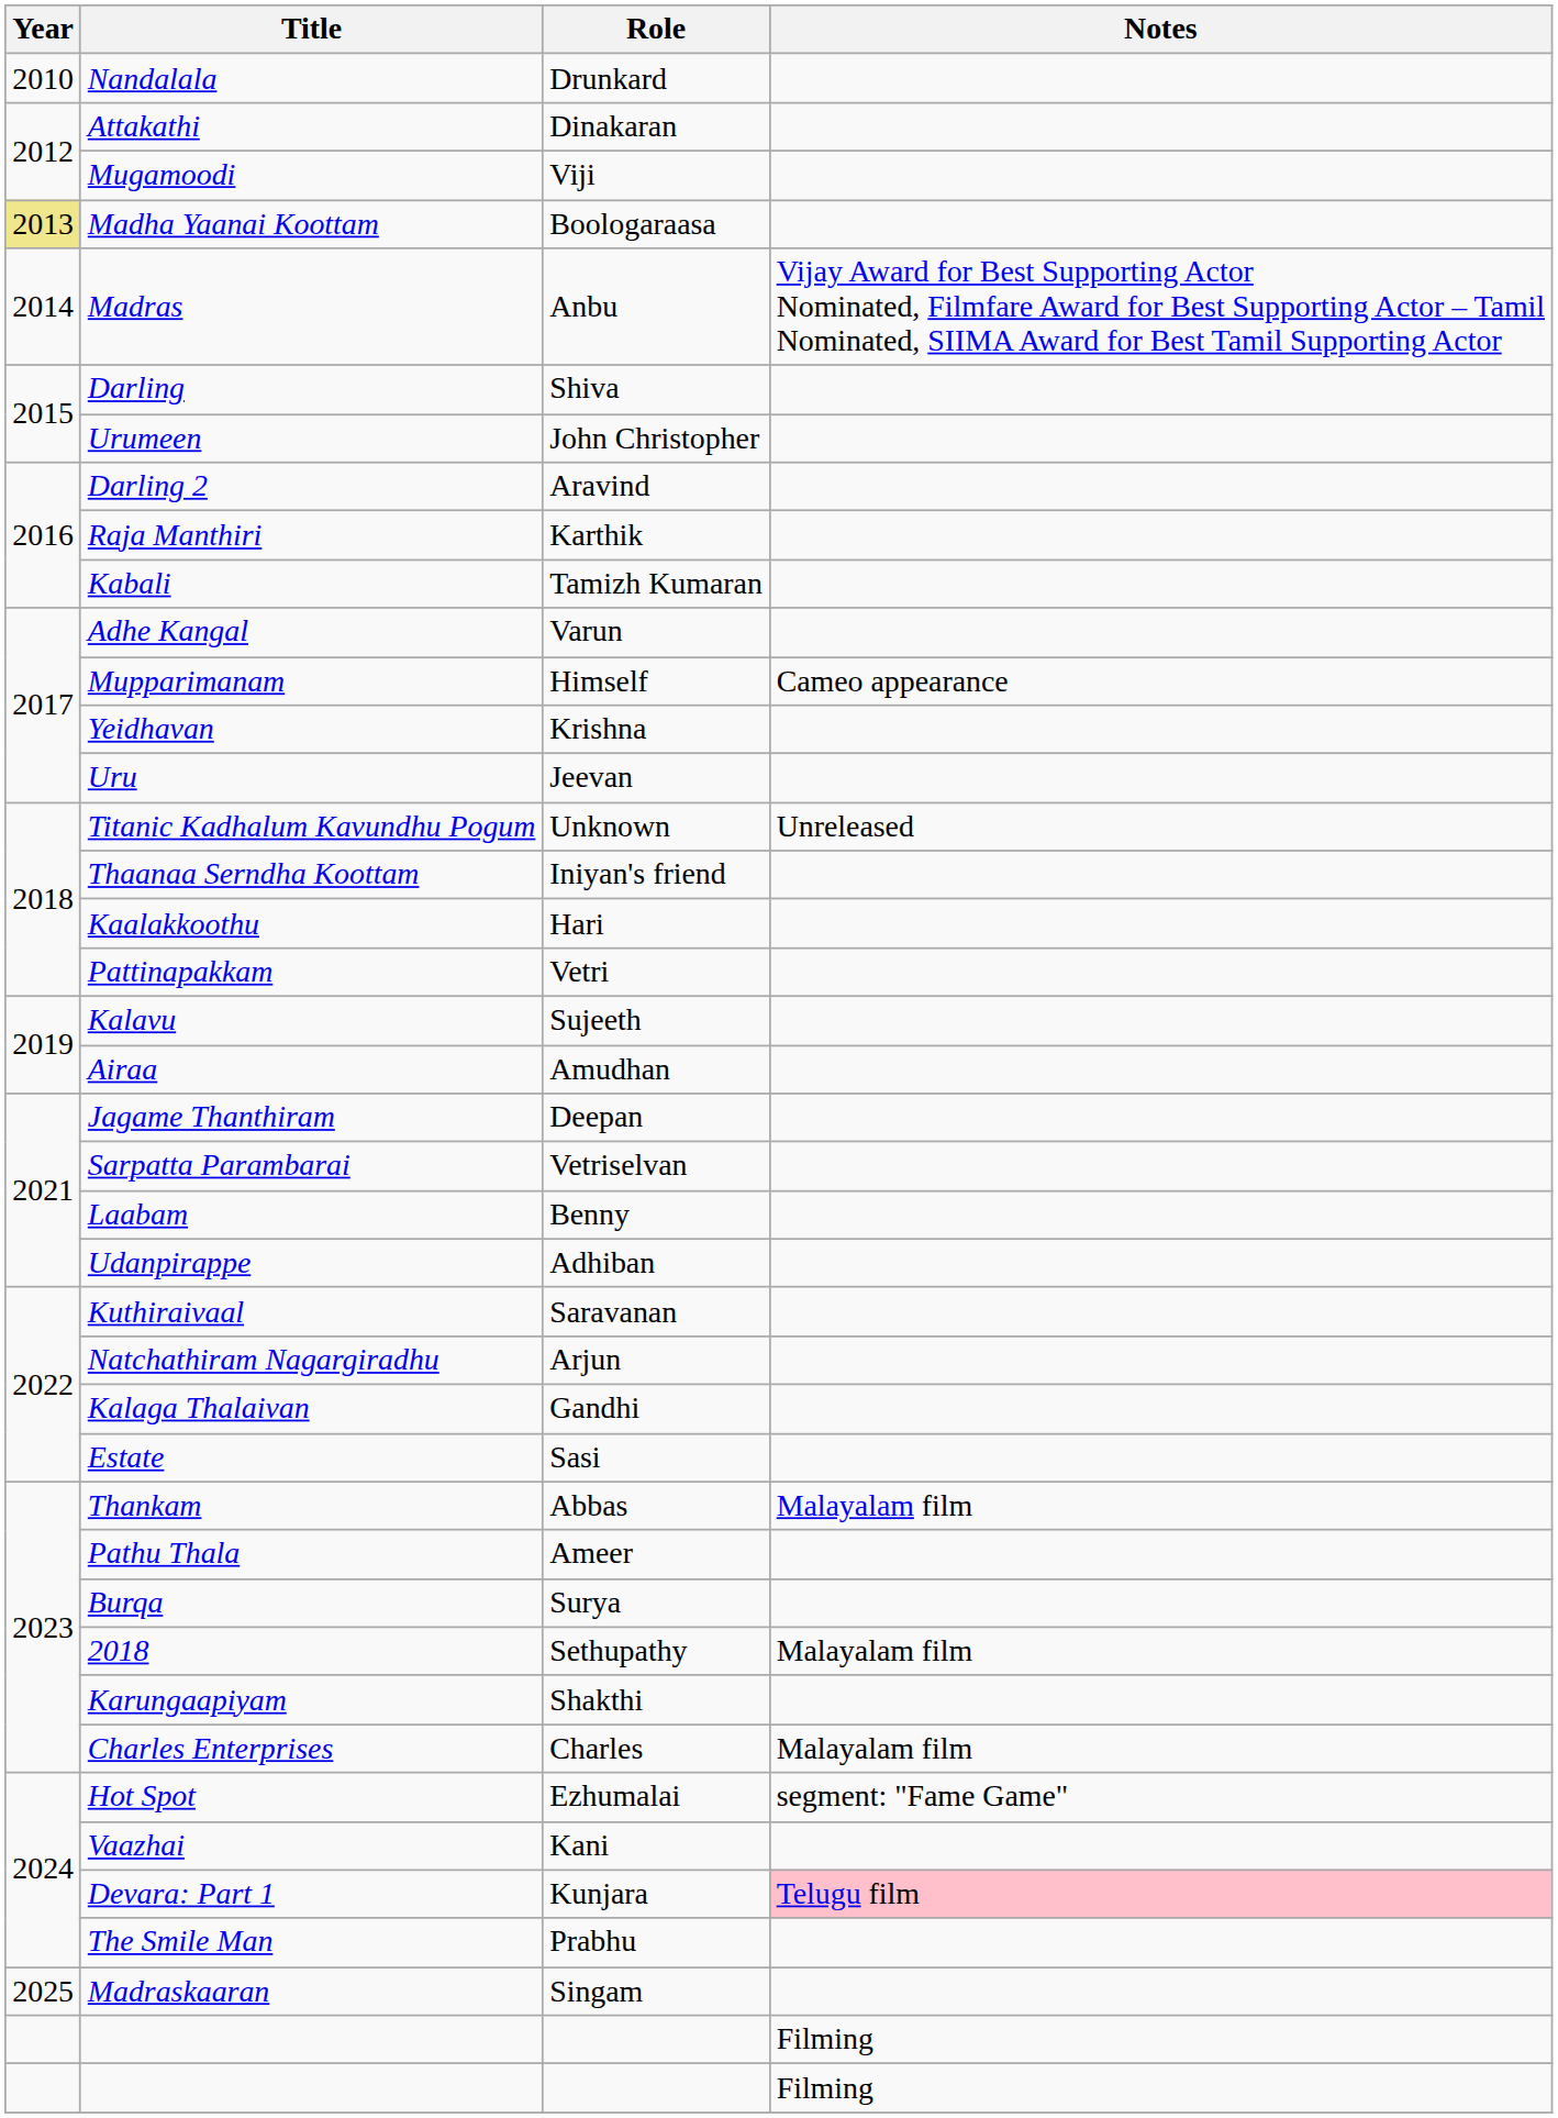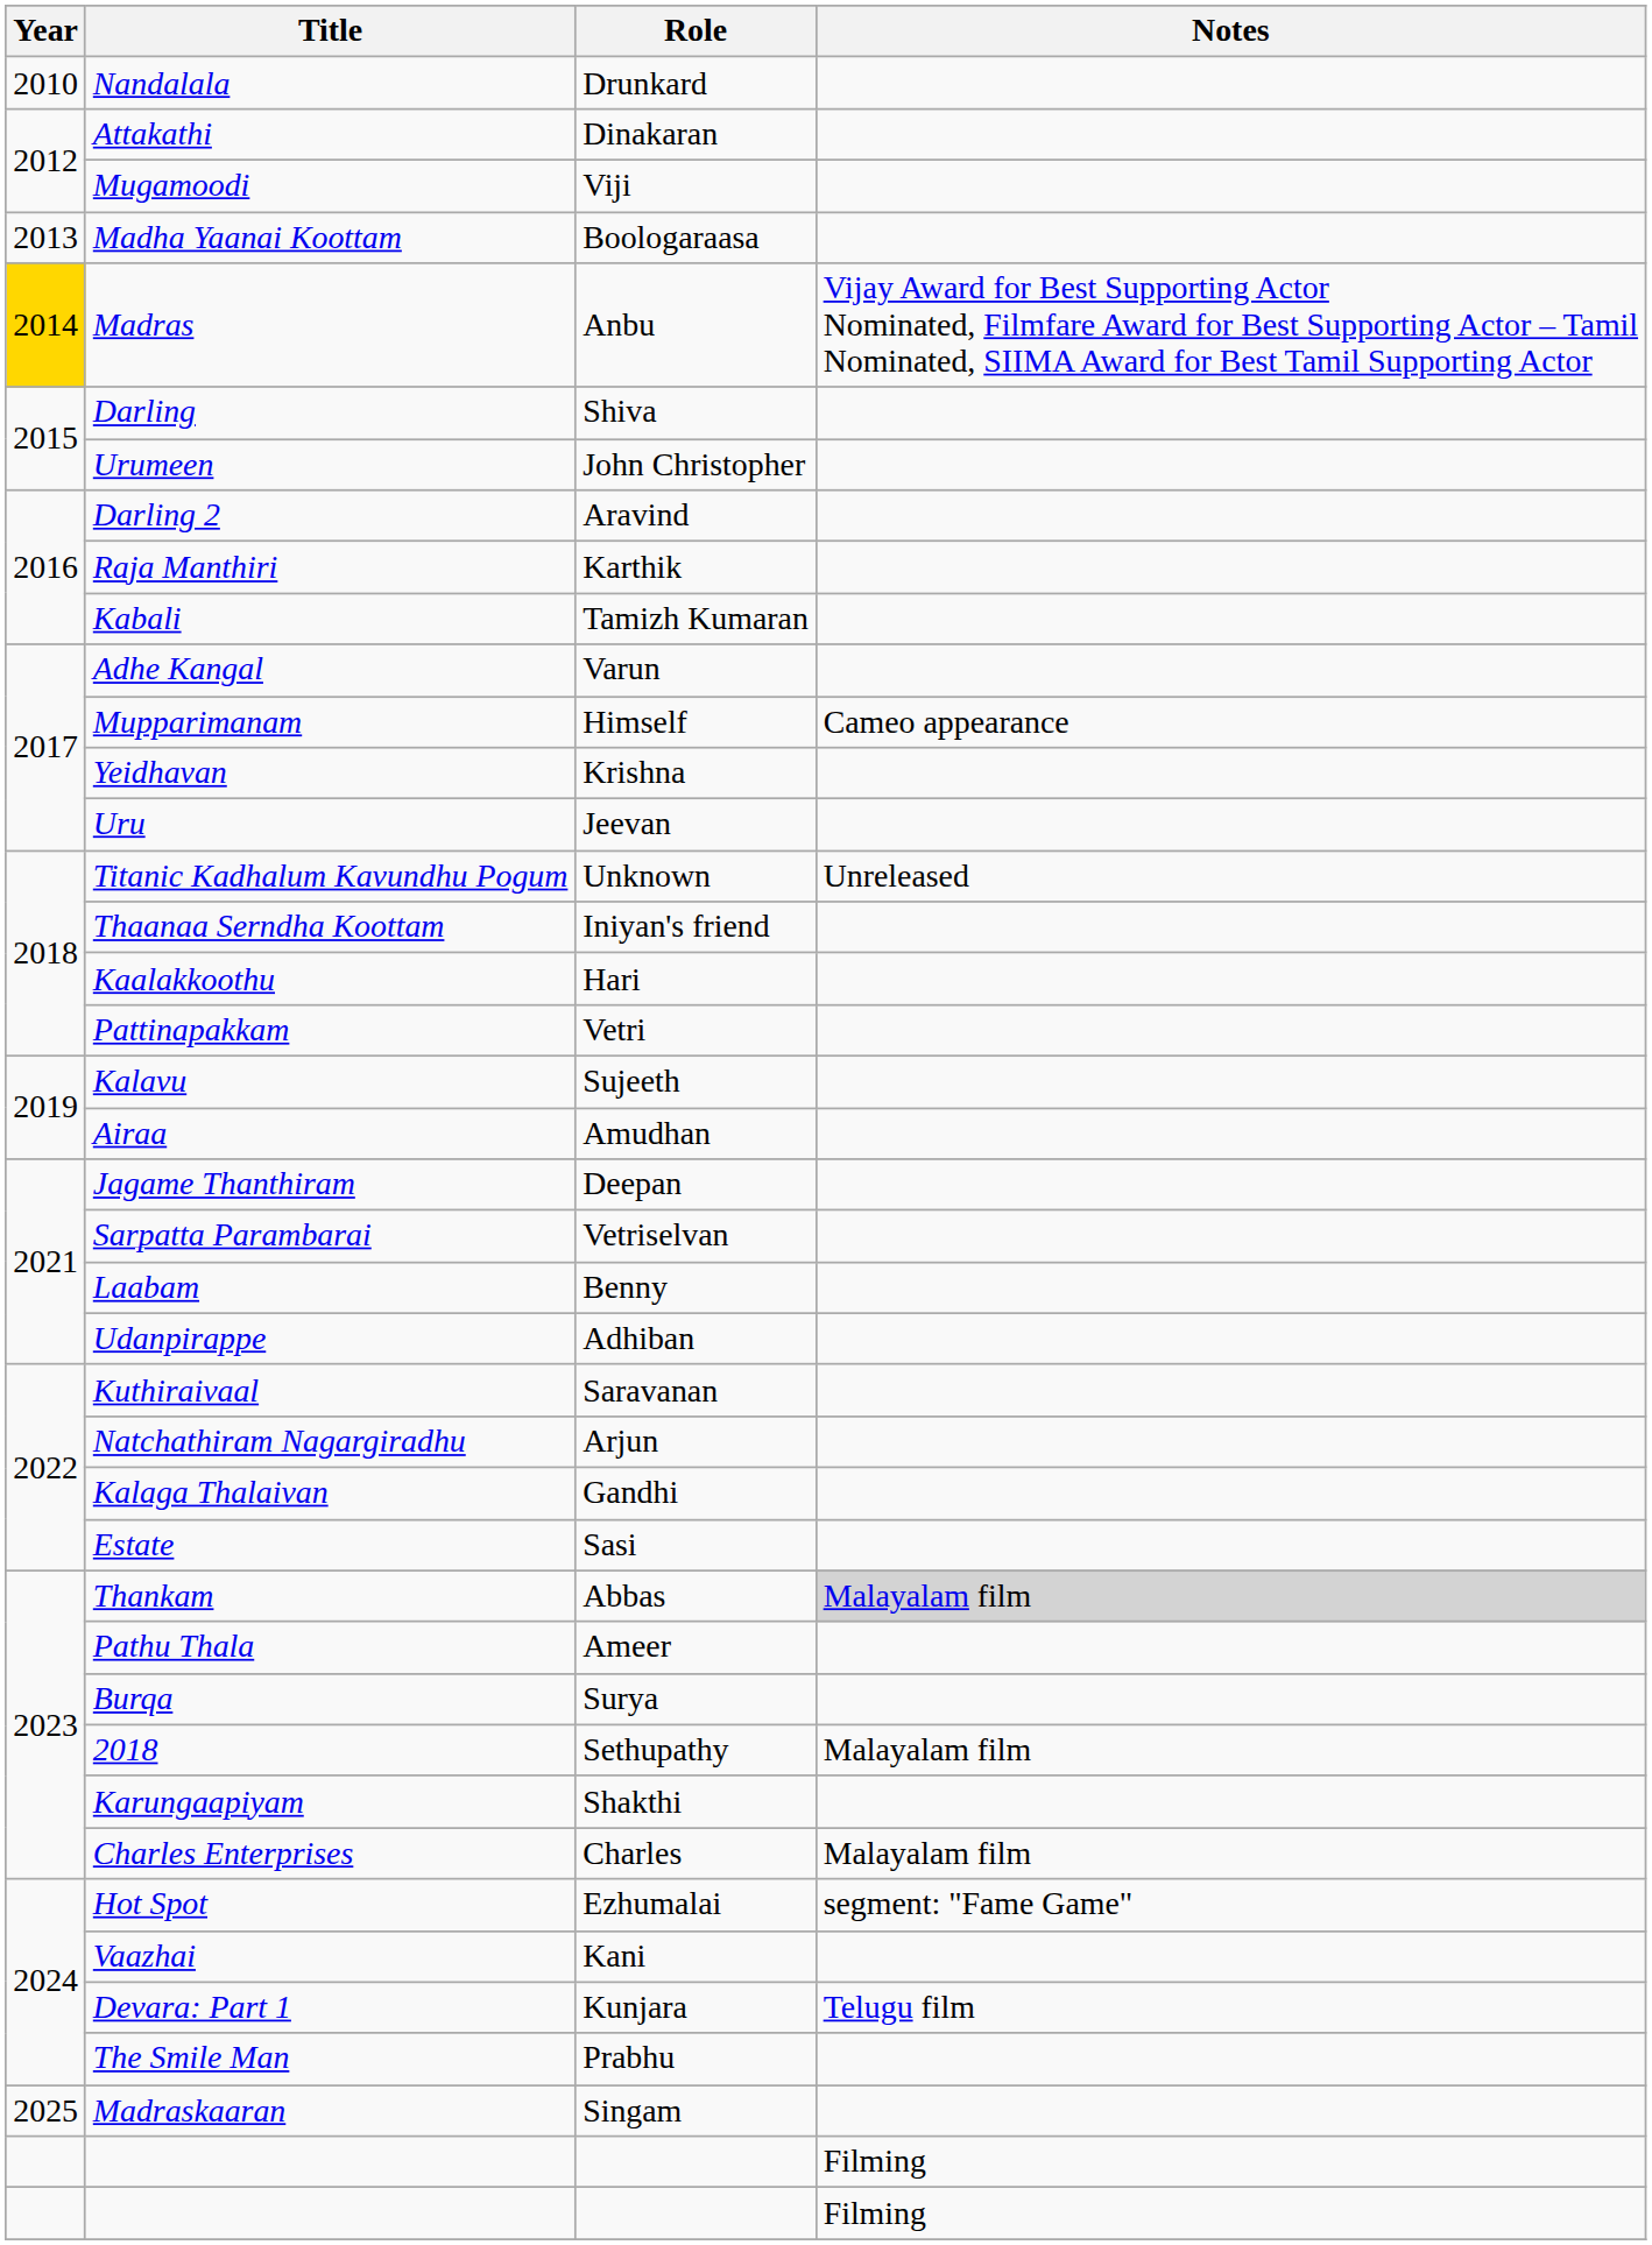 <table class="wikitable sortable">
 <tr>
 <th>Year</th>
 <th>Title</th>
 <th>Role</th>
 <th class="unsortable">Notes</th>
 </tr>
 <tr>
 <td rowspan=1>2010</td>
 <td><em><a href='#'>Nandalala</a></em></td>
 <td>Drunkard</td>
 <td></td>
 </tr>
 <tr>
 <td rowspan=2>2012</td>
 <td><em><a href='#'>Attakathi</a></em></td>
 <td>Dinakaran</td>
 <td></td>
 </tr>
 <tr>
 <td><em><a href='#'>Mugamoodi</a></em></td>
 <td>Viji</td>
 <td></td>
 </tr>
 <tr>
-<td style="background: khaki;">2013</td>
+<td>2013</td>
 <td><em><a href='#'>Madha Yaanai Koottam</a></em></td>
 <td>Boologaraasa</td>
 <td></td>
 </tr>
 <tr>
-<td>2014</td>
+<td style="background: gold;">2014</td>
 <td><em><a href='#'>Madras</a></em></td>
 <td>Anbu</td>
 <td><a href='#'>Vijay Award for Best Supporting Actor</a><br>Nominated, <a href='#'>Filmfare Award for Best Supporting Actor – Tamil</a><br>Nominated, <a href='#'>SIIMA Award for Best Tamil Supporting Actor</a></td>
 </tr>
 <tr>
 <td rowspan=2>2015</td>
 <td><em><a href='#'>Darling</a></em></td>
 <td>Shiva</td>
 <td></td>
 </tr>
 <tr>
 <td><em><a href='#'>Urumeen</a></em></td>
 <td>John Christopher</td>
 <td></td>
 </tr>
 <tr>
 <td rowspan=3>2016</td>
 <td><em><a href='#'>Darling 2</a></em></td>
 <td>Aravind</td>
 <td></td>
 </tr>
 <tr>
 <td><em><a href='#'>Raja Manthiri</a></em></td>
 <td>Karthik</td>
 <td></td>
 </tr>
 <tr>
 <td><em><a href='#'>Kabali</a></em></td>
 <td>Tamizh Kumaran</td>
 <td></td>
 </tr>
 <tr>
 <td rowspan=4>2017</td>
 <td><em><a href='#'>Adhe Kangal</a></em></td>
 <td>Varun</td>
 <td></td>
 </tr>
 <tr>
 <td><em><a href='#'>Mupparimanam</a></em></td>
 <td>Himself</td>
 <td>Cameo appearance</td>
 </tr>
 <tr>
 <td><em><a href='#'>Yeidhavan</a></em></td>
 <td>Krishna</td>
 <td></td>
 </tr>
 <tr>
 <td><em><a href='#'>Uru</a></em></td>
 <td>Jeevan</td>
 <td></td>
 </tr>
 <tr>
 <td rowspan=4>2018</td>
 <td><em><a href='#'>Titanic Kadhalum Kavundhu Pogum</a></em></td>
 <td>Unknown</td>
 <td>Unreleased</td>
 </tr>
 <tr>
 <td><em><a href='#'>Thaanaa Serndha Koottam</a></em></td>
 <td>Iniyan's friend</td>
 <td></td>
 </tr>
 <tr>
 <td><em><a href='#'>Kaalakkoothu</a></em></td>
 <td>Hari</td>
 <td></td>
 </tr>
 <tr>
 <td><em><a href='#'>Pattinapakkam</a></em></td>
 <td>Vetri</td>
 <td></td>
 </tr>
 <tr>
 <td rowspan=2>2019</td>
 <td><em><a href='#'>Kalavu</a></em></td>
 <td>Sujeeth</td>
 <td></td>
 </tr>
 <tr>
 <td><em><a href='#'>Airaa</a></em></td>
 <td>Amudhan</td>
 <td></td>
 </tr>
 <tr>
 <td rowspan=4>2021</td>
 <td><em><a href='#'>Jagame Thanthiram</a></em></td>
 <td>Deepan</td>
 <td></td>
 </tr>
 <tr>
 <td><em><a href='#'>Sarpatta Parambarai</a></em></td>
 <td>Vetriselvan</td>
 <td></td>
 </tr>
 <tr>
 <td><em><a href='#'>Laabam</a></em></td>
 <td>Benny</td>
 <td></td>
 </tr>
 <tr>
 <td><em><a href='#'>Udanpirappe</a></em></td>
 <td>Adhiban</td>
 <td></td>
 </tr>
 <tr>
 <td rowspan=4>2022</td>
 <td><em><a href='#'>Kuthiraivaal</a></em></td>
 <td>Saravanan</td>
 <td></td>
 </tr>
 <tr>
 <td><em><a href='#'>Natchathiram Nagargiradhu</a></em></td>
 <td>Arjun</td>
 <td></td>
 </tr>
 <tr>
 <td><em><a href='#'>Kalaga Thalaivan</a></em></td>
 <td>Gandhi</td>
 <td></td>
 </tr>
 <tr>
 <td><em><a href='#'>Estate</a></em></td>
 <td>Sasi</td>
 <td></td>
 </tr>
 <tr>
 <td rowspan=6>2023</td>
 <td><em><a href='#'>Thankam</a></em></td>
 <td>Abbas</td>
-<td><a href='#'>Malayalam</a> film</td>
+<td style="background: lightgrey;"><a href='#'>Malayalam</a> film</td>
 </tr>
 <tr>
 <td><em><a href='#'>Pathu Thala</a></em></td>
 <td>Ameer</td>
 <td></td>
 </tr>
 <tr>
 <td><em><a href='#'>Burqa</a></em></td>
 <td>Surya</td>
 <td></td>
 </tr>
 <tr>
 <td><em><a href='#'>2018</a></em></td>
 <td>Sethupathy</td>
 <td>Malayalam film</td>
 </tr>
 <tr>
 <td><em><a href='#'>Karungaapiyam</a></em></td>
 <td>Shakthi</td>
 <td></td>
 </tr>
 <tr>
 <td><em><a href='#'>Charles Enterprises</a></em></td>
 <td>Charles</td>
 <td>Malayalam film</td>
 </tr>
 <tr>
 <td rowspan="4">2024</td>
 <td><em><a href='#'>Hot Spot</a></em></td>
 <td>Ezhumalai</td>
 <td>segment: "Fame Game"</td>
 </tr>
 <tr>
 <td><em><a href='#'>Vaazhai</a></em></td>
 <td>Kani</td>
 <td></td>
 </tr>
 <tr>
 <td><em><a href='#'>Devara: Part 1</a></em></td>
 <td>Kunjara</td>
-<td style="background: pink;"><a href='#'>Telugu</a> film</td>
+<td><a href='#'>Telugu</a> film</td>
 </tr>
 <tr>
 <td><em><a href='#'>The Smile Man</a></em></td>
 <td>Prabhu</td>
 <td></td>
 </tr>
 <tr>
 <td>2025</td>
 <td><em><a href='#'>Madraskaaran</a></em></td>
 <td>Singam</td>
 <td></td>
 </tr>
 <tr>
 <td></td>
 <td></td>
 <td></td>
 <td>Filming</td>
 </tr>
 <tr>
 <td></td>
 <td></td>
 <td></td>
 <td>Filming</td>
 </tr>
 <tr>
 </tr>
 </table>
